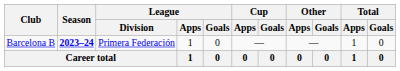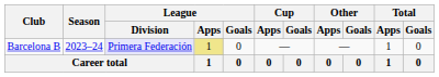 <table class="wikitable" style="text-align: center">
 <tr>
 <th rowspan="2">Club</th>
 <th rowspan="2">Season</th>
 <th colspan="3">League</th>
 <th colspan="2">Cup</th>
 <th colspan="2">Other</th>
 <th colspan="2">Total</th>
 </tr>
 <tr>
 <th>Division</th>
 <th>Apps</th>
 <th>Goals</th>
 <th>Apps</th>
 <th>Goals</th>
 <th>Apps</th>
 <th>Goals</th>
 <th>Apps</th>
 <th>Goals</th>
 </tr>
 <tr>
 <td><a href='#'>Barcelona B</a></td>
-<td><strong><a href='#'>2023–24</a></strong></td>
-<td><a href='#'>Primera Federación</a></td>
-<td>1</td>
+<td><a href='#'>2023–24</a></td>
+<td style="background: lavender;"><a href='#'>Primera Federación</a></td>
+<td style="background: khaki;">1</td>
 <td>0</td>
 <td colspan="2">—</td>
 <td colspan="2">—</td>
 <td>1</td>
 <td>0</td>
 </tr>
 <tr>
 <th colspan="3">Career total</th>
 <th>1</th>
 <th>0</th>
 <th>0</th>
 <th>0</th>
 <th>0</th>
 <th>0</th>
 <th>1</th>
 <th>0</th>
 </tr>
 </table>
